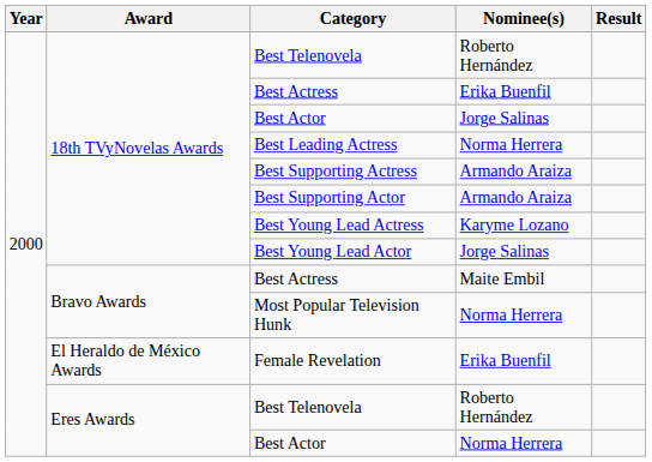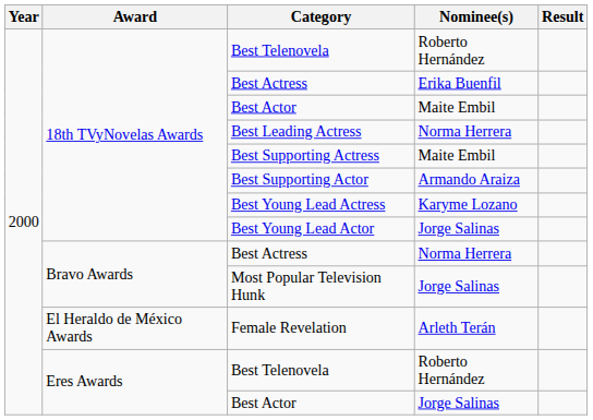 <table class="wikitable">
 <tr style="background:#b0c4de;">
 <th>Year</th>
 <th>Award</th>
 <th>Category</th>
 <th>Nominee(s)</th>
 <th>Result</th>
 </tr>
 <tr>
 <td rowspan=13>2000</td>
 <td rowspan=8><a href='#'>18th TVyNovelas Awards</a></td>
 <td><a href='#'>Best Telenovela</a></td>
 <td>Roberto Hernández</td>
 <td></td>
 </tr>
 <tr>
 <td><a href='#'>Best Actress</a></td>
 <td><a href='#'>Erika Buenfil</a></td>
 <td></td>
 </tr>
 <tr>
 <td><a href='#'>Best Actor</a></td>
-<td><a href='#'>Jorge Salinas</a></td>
+<td>Maite Embil</td>
 <td></td>
 </tr>
 <tr>
 <td><a href='#'>Best Leading Actress</a></td>
 <td><a href='#'>Norma Herrera</a></td>
 <td></td>
 </tr>
 <tr>
 <td><a href='#'>Best Supporting Actress</a></td>
-<td><a href='#'>Armando Araiza</a></td>
+<td>Maite Embil</td>
 <td></td>
 </tr>
 <tr>
 <td><a href='#'>Best Supporting Actor</a></td>
 <td><a href='#'>Armando Araiza</a></td>
 <td></td>
 </tr>
 <tr>
 <td><a href='#'>Best Young Lead Actress</a></td>
 <td><a href='#'>Karyme Lozano</a></td>
 <td></td>
 </tr>
 <tr>
 <td><a href='#'>Best Young Lead Actor</a></td>
 <td><a href='#'>Jorge Salinas</a></td>
 <td></td>
 </tr>
 <tr>
 <td rowspan=2>Bravo Awards</td>
 <td>Best Actress</td>
-<td>Maite Embil</td>
+<td><a href='#'>Norma Herrera</a></td>
 <td></td>
 </tr>
 <tr>
 <td>Most Popular Television Hunk</td>
-<td><a href='#'>Norma Herrera</a></td>
+<td><a href='#'>Jorge Salinas</a></td>
 <td></td>
 </tr>
 <tr>
 <td>El Heraldo de México Awards</td>
 <td>Female Revelation</td>
-<td><a href='#'>Erika Buenfil</a></td>
+<td><a href='#'>Arleth Terán</a></td>
 <td></td>
 </tr>
 <tr>
 <td rowspan=2>Eres Awards</td>
 <td>Best Telenovela</td>
 <td>Roberto Hernández</td>
 <td></td>
 </tr>
 <tr>
 <td>Best Actor</td>
-<td><a href='#'>Norma Herrera</a></td>
+<td><a href='#'>Jorge Salinas</a></td>
 <td></td>
 </tr>
 </table>
